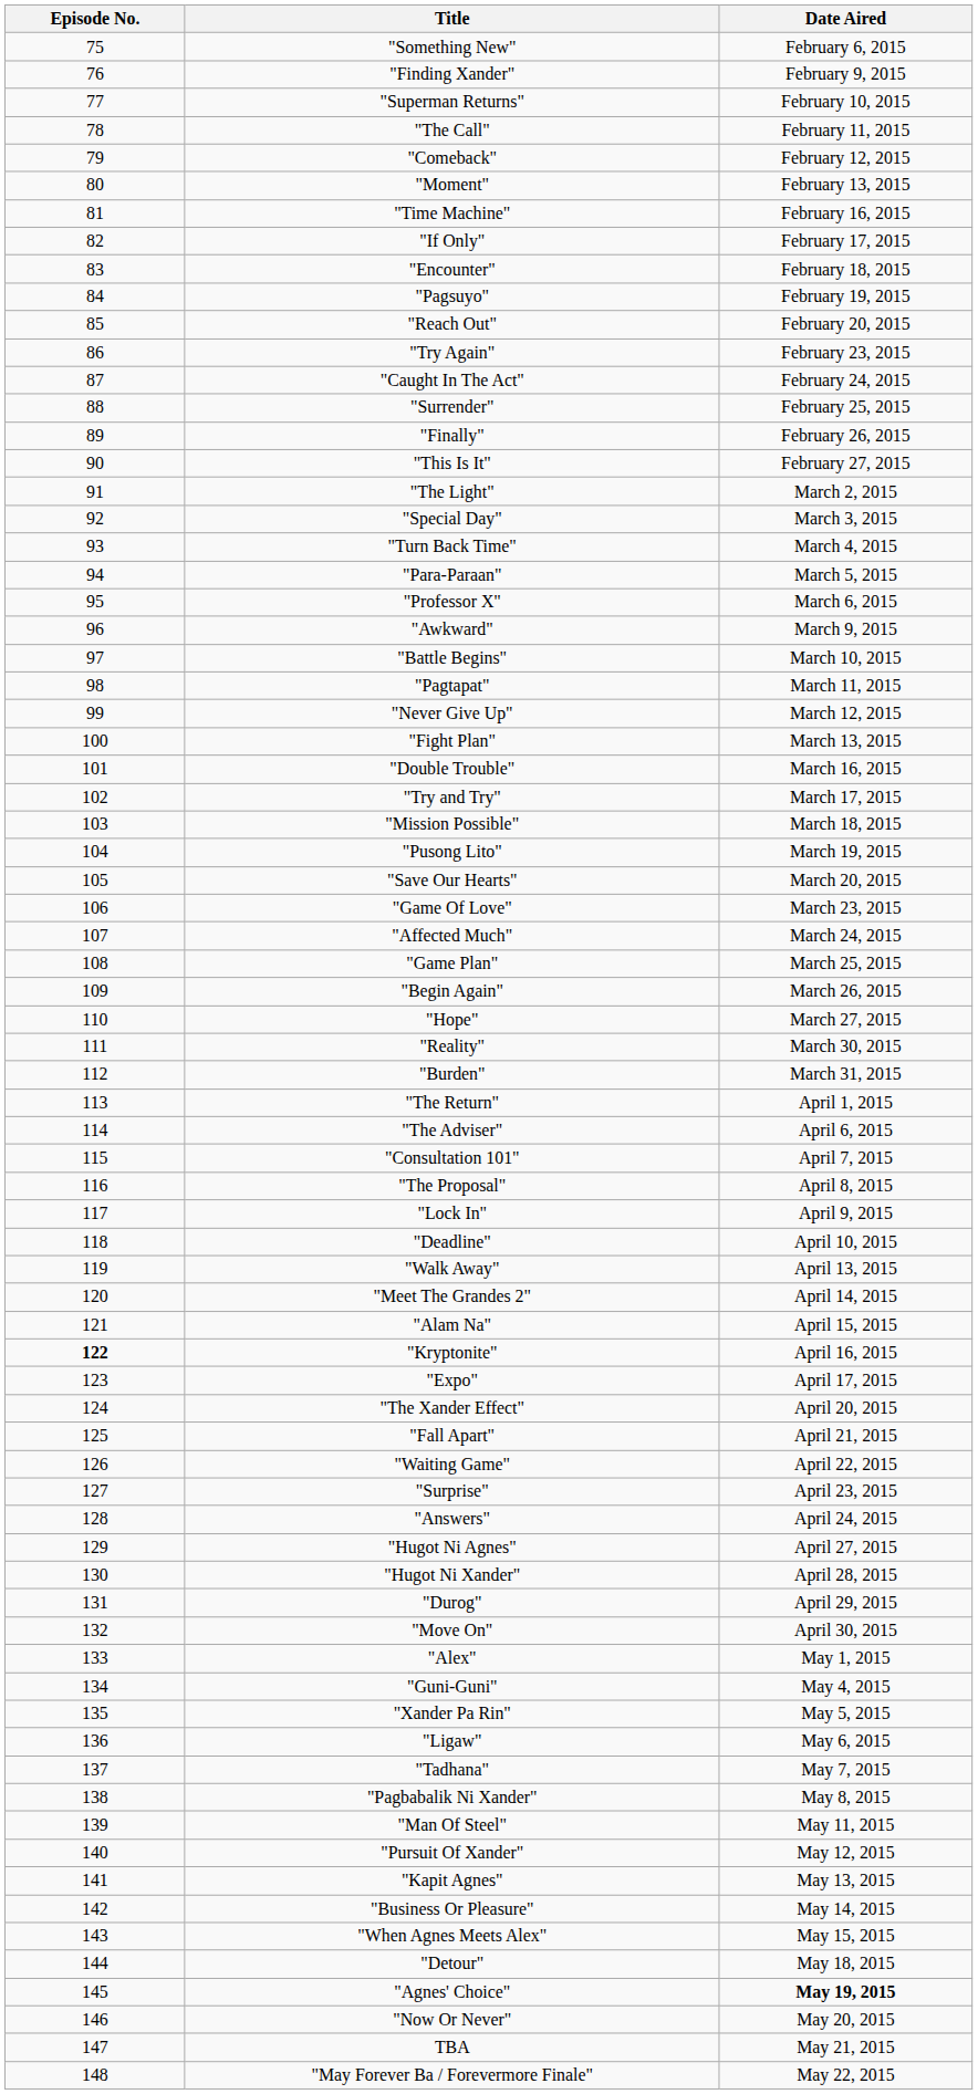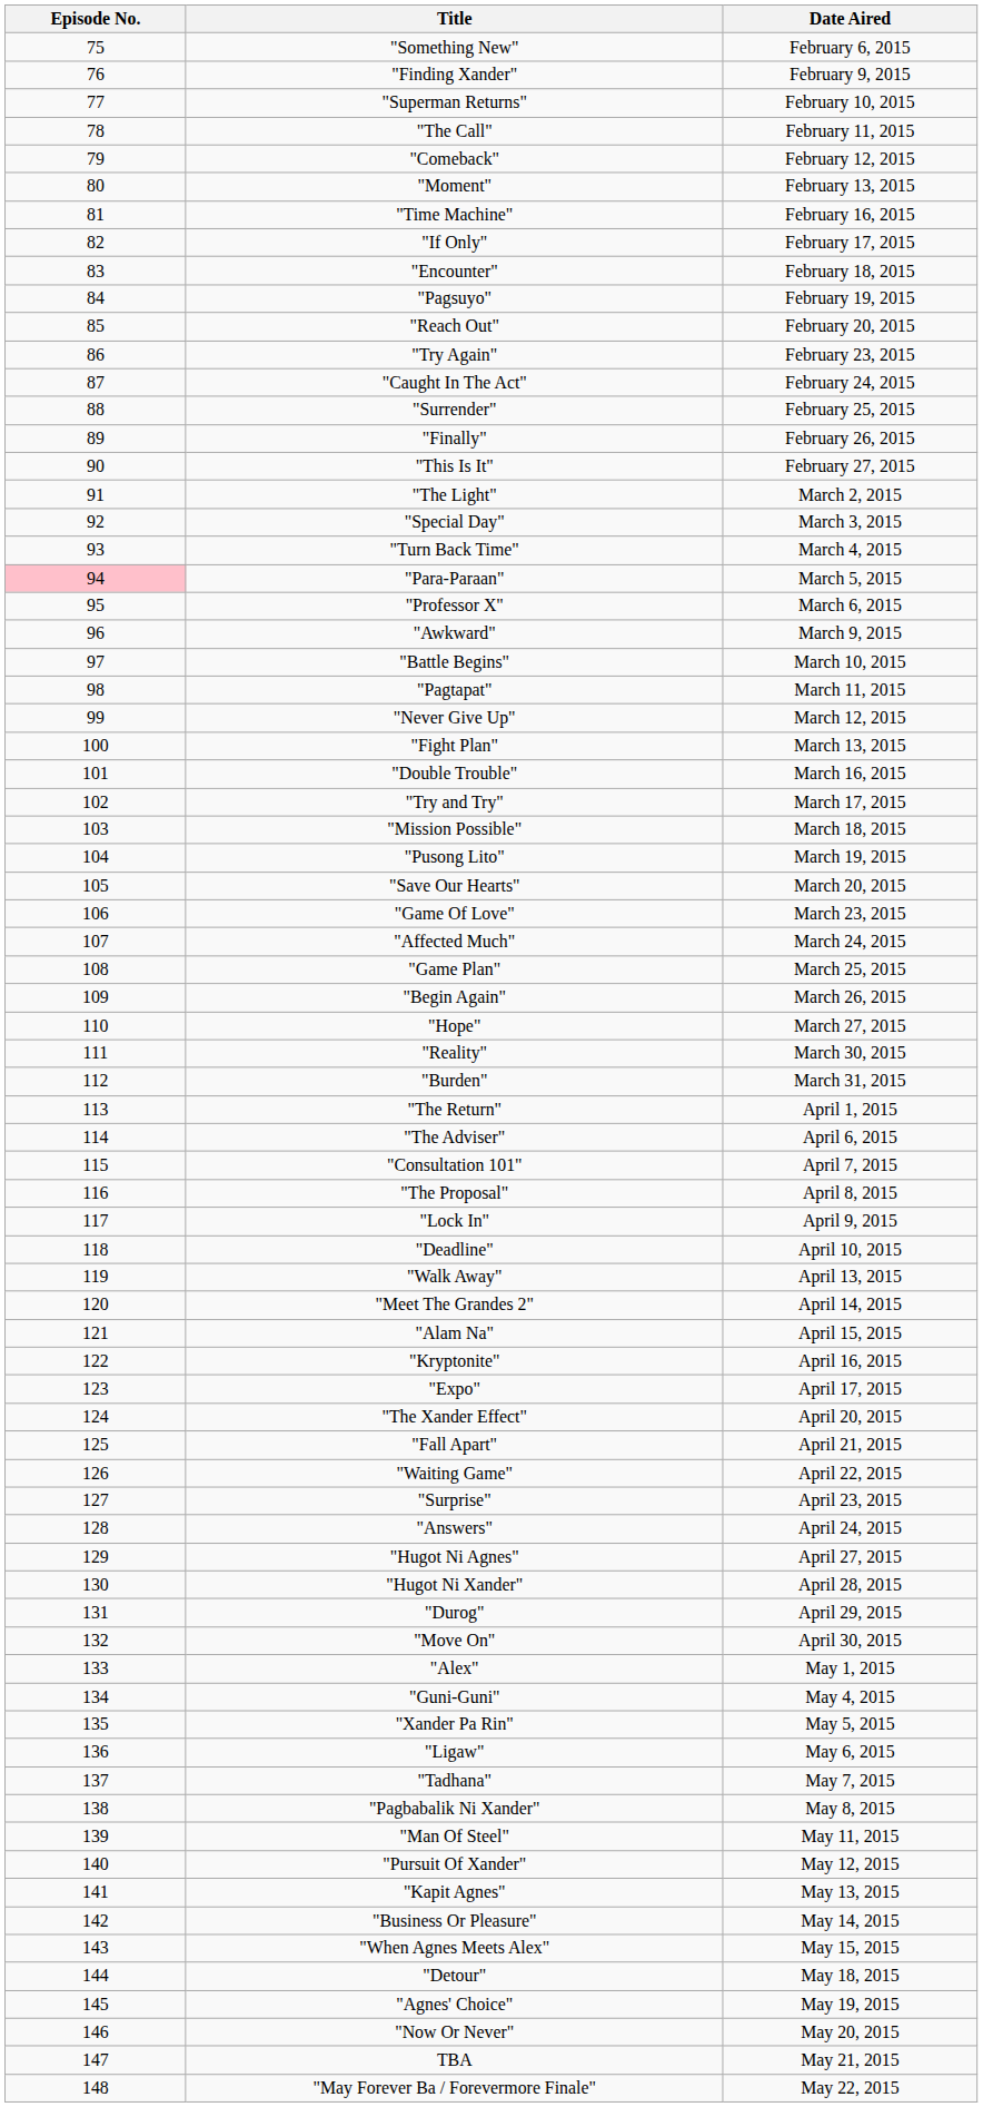 <table class="wikitable" style="text-align:center; font-size:100%; line-height:18px;"  width="100%">
 <tr>
 <th>Episode No.</th>
 <th>Title</th>
 <th>Date Aired</th>
 </tr>
 <tr>
 <td>75</td>
 <td>"Something New"</td>
 <td>February 6, 2015</td>
 </tr>
 <tr>
 <td>76</td>
 <td>"Finding Xander"</td>
 <td>February 9, 2015</td>
 </tr>
 <tr>
 <td>77</td>
 <td>"Superman Returns"</td>
 <td>February 10, 2015</td>
 </tr>
 <tr>
 <td>78</td>
 <td>"The Call"</td>
 <td>February 11, 2015</td>
 </tr>
 <tr>
 <td>79</td>
 <td>"Comeback"</td>
 <td>February 12, 2015</td>
 </tr>
 <tr>
 <td>80</td>
 <td>"Moment"</td>
 <td>February 13, 2015</td>
 </tr>
 <tr>
 <td>81</td>
 <td>"Time Machine"</td>
 <td>February 16, 2015</td>
 </tr>
 <tr>
 <td>82</td>
 <td>"If Only"</td>
 <td>February 17, 2015</td>
 </tr>
 <tr>
 <td>83</td>
 <td>"Encounter"</td>
 <td>February 18, 2015</td>
 </tr>
 <tr>
 <td>84</td>
 <td>"Pagsuyo"</td>
 <td>February 19, 2015</td>
 </tr>
 <tr>
 <td>85</td>
 <td>"Reach Out"</td>
 <td>February 20, 2015</td>
 </tr>
 <tr>
 <td>86</td>
 <td>"Try Again"</td>
 <td>February 23, 2015</td>
 </tr>
 <tr>
 <td>87</td>
 <td>"Caught In The Act"</td>
 <td>February 24, 2015</td>
 </tr>
 <tr>
 <td>88</td>
 <td>"Surrender"</td>
 <td>February 25, 2015</td>
 </tr>
 <tr>
 <td>89</td>
 <td>"Finally"</td>
 <td>February 26, 2015</td>
 </tr>
 <tr>
 <td>90</td>
 <td>"This Is It"</td>
 <td>February 27, 2015</td>
 </tr>
 <tr>
 <td>91</td>
 <td>"The Light"</td>
 <td>March 2, 2015</td>
 </tr>
 <tr>
 <td>92</td>
 <td>"Special Day"</td>
 <td>March 3, 2015</td>
 </tr>
 <tr>
 <td>93</td>
 <td>"Turn Back Time"</td>
 <td>March 4, 2015</td>
 </tr>
 <tr>
-<td>94</td>
+<td style="background: pink;">94</td>
 <td>"Para-Paraan"</td>
 <td>March 5, 2015</td>
 </tr>
 <tr>
 <td>95</td>
 <td>"Professor X"</td>
 <td>March 6, 2015</td>
 </tr>
 <tr>
 <td>96</td>
 <td>"Awkward"</td>
 <td>March 9, 2015</td>
 </tr>
 <tr>
 <td>97</td>
 <td>"Battle Begins"</td>
 <td>March 10, 2015</td>
 </tr>
 <tr>
 <td>98</td>
 <td>"Pagtapat"</td>
 <td>March 11, 2015</td>
 </tr>
 <tr>
 <td>99</td>
 <td>"Never Give Up"</td>
 <td>March 12, 2015</td>
 </tr>
 <tr>
 <td>100</td>
 <td>"Fight Plan"</td>
 <td>March 13, 2015</td>
 </tr>
 <tr>
 <td>101</td>
 <td>"Double Trouble"</td>
 <td>March 16, 2015</td>
 </tr>
 <tr>
 <td>102</td>
 <td>"Try and Try"</td>
 <td>March 17, 2015</td>
 </tr>
 <tr>
 <td>103</td>
 <td>"Mission Possible"</td>
 <td>March 18, 2015</td>
 </tr>
 <tr>
 <td>104</td>
 <td>"Pusong Lito"</td>
 <td>March 19, 2015</td>
 </tr>
 <tr>
 <td>105</td>
 <td>"Save Our Hearts"</td>
 <td>March 20, 2015</td>
 </tr>
 <tr>
 <td>106</td>
 <td>"Game Of Love"</td>
 <td>March 23, 2015</td>
 </tr>
 <tr>
 <td>107</td>
 <td>"Affected Much"</td>
 <td>March 24, 2015</td>
 </tr>
 <tr>
 <td>108</td>
 <td>"Game Plan"</td>
 <td>March 25, 2015</td>
 </tr>
 <tr>
 <td>109</td>
 <td>"Begin Again"</td>
 <td>March 26, 2015</td>
 </tr>
 <tr>
 <td>110</td>
 <td>"Hope"</td>
 <td>March 27, 2015</td>
 </tr>
 <tr>
 <td>111</td>
 <td>"Reality"</td>
 <td>March 30, 2015</td>
 </tr>
 <tr>
 <td>112</td>
 <td>"Burden"</td>
 <td>March 31, 2015</td>
 </tr>
 <tr>
 <td>113</td>
 <td>"The Return"</td>
 <td>April 1, 2015</td>
 </tr>
 <tr>
 <td>114</td>
 <td>"The Adviser"</td>
 <td>April 6, 2015</td>
 </tr>
 <tr>
 <td>115</td>
 <td>"Consultation 101"</td>
 <td>April 7, 2015</td>
 </tr>
 <tr>
 <td>116</td>
 <td>"The Proposal"</td>
 <td>April 8, 2015</td>
 </tr>
 <tr>
 <td>117</td>
 <td>"Lock In"</td>
 <td>April 9, 2015</td>
 </tr>
 <tr>
 <td>118</td>
 <td>"Deadline"</td>
 <td>April 10, 2015</td>
 </tr>
 <tr>
 <td>119</td>
 <td>"Walk Away"</td>
 <td>April 13, 2015</td>
 </tr>
 <tr>
 <td>120</td>
 <td>"Meet The Grandes 2"</td>
 <td>April 14, 2015</td>
 </tr>
 <tr>
 <td>121</td>
 <td>"Alam Na"</td>
 <td>April 15, 2015</td>
 </tr>
 <tr>
-<td><strong>122</strong></td>
+<td>122</td>
 <td>"Kryptonite"</td>
 <td>April 16, 2015</td>
 </tr>
 <tr>
 <td>123</td>
 <td>"Expo"</td>
 <td>April 17, 2015</td>
 </tr>
 <tr>
 <td>124</td>
 <td>"The Xander Effect"</td>
 <td>April 20, 2015</td>
 </tr>
 <tr>
 <td>125</td>
 <td>"Fall Apart"</td>
 <td>April 21, 2015</td>
 </tr>
 <tr>
 <td>126</td>
 <td>"Waiting Game"</td>
 <td>April 22, 2015</td>
 </tr>
 <tr>
 <td>127</td>
 <td>"Surprise"</td>
 <td>April 23, 2015</td>
 </tr>
 <tr>
 <td>128</td>
 <td>"Answers"</td>
 <td>April 24, 2015</td>
 </tr>
 <tr>
 <td>129</td>
 <td>"Hugot Ni Agnes"</td>
 <td>April 27, 2015</td>
 </tr>
 <tr>
 <td>130</td>
 <td>"Hugot Ni Xander"</td>
 <td>April 28, 2015</td>
 </tr>
 <tr>
 <td>131</td>
 <td>"Durog"</td>
 <td>April 29, 2015</td>
 </tr>
 <tr>
 <td>132</td>
 <td>"Move On"</td>
 <td>April 30, 2015</td>
 </tr>
 <tr>
 <td>133</td>
 <td>"Alex"</td>
 <td>May 1, 2015</td>
 </tr>
 <tr>
 <td>134</td>
 <td>"Guni-Guni"</td>
 <td>May 4, 2015</td>
 </tr>
 <tr>
 <td>135</td>
 <td>"Xander Pa Rin"</td>
 <td>May 5, 2015</td>
 </tr>
 <tr>
 <td>136</td>
 <td>"Ligaw"</td>
 <td>May 6, 2015</td>
 </tr>
 <tr>
 <td>137</td>
 <td>"Tadhana"</td>
 <td>May 7, 2015</td>
 </tr>
 <tr>
 <td>138</td>
 <td>"Pagbabalik Ni Xander"</td>
 <td>May 8, 2015</td>
 </tr>
 <tr>
 <td>139</td>
 <td>"Man Of Steel"</td>
 <td>May 11, 2015</td>
 </tr>
 <tr>
 <td>140</td>
 <td>"Pursuit Of Xander"</td>
 <td>May 12, 2015</td>
 </tr>
 <tr>
 <td>141</td>
 <td>"Kapit Agnes"</td>
 <td>May 13, 2015</td>
 </tr>
 <tr>
 <td>142</td>
 <td>"Business Or Pleasure"</td>
 <td>May 14, 2015</td>
 </tr>
 <tr>
 <td>143</td>
 <td>"When Agnes Meets Alex"</td>
 <td>May 15, 2015</td>
 </tr>
 <tr>
 <td>144</td>
 <td>"Detour"</td>
 <td>May 18, 2015</td>
 </tr>
 <tr>
 <td>145</td>
 <td>"Agnes' Choice"</td>
-<td><strong>May 19, 2015</strong></td>
+<td>May 19, 2015</td>
 </tr>
 <tr>
 <td>146</td>
 <td>"Now Or Never"</td>
 <td>May 20, 2015</td>
 </tr>
 <tr>
 <td>147</td>
 <td>TBA</td>
 <td>May 21, 2015</td>
 </tr>
 <tr>
 <td>148</td>
 <td>"May Forever Ba / Forevermore Finale"</td>
 <td>May 22, 2015</td>
 </tr>
 </table>
